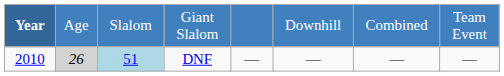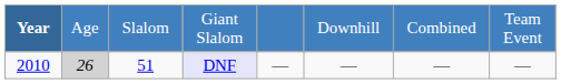 <table class="wikitable" style="font-size:95%; text-align:center; border:grey solid 1px; border-collapse:collapse;" width="40%">
 <tr style="background-color:#369; color:white;">
 <td rowspan="2" colspan="1" width="4%"><strong>Year</strong></td>
 </tr>
 <tr style="background-color:#4180be; color:white;">
 <td width="3%">Age</td>
 <td width="5%">Slalom</td>
 <td width="5%">Giant<br>Slalom</td>
 <td width="5%"></td>
 <td width="5%">Downhill</td>
 <td width="5%">Combined</td>
 <td width="5%">Team Event</td>
 </tr>
 <tr style="background-color:#8CB2D8; color:white;">
 </tr>
 <tr>
 <td><a href='#'>2010</a></td>
 <td style="background: lightgrey;"><em>26</em></td>
-<td style="background: lightblue;"><a href='#'>51</a></td>
-<td><a href='#'>DNF</a></td>
+<td><a href='#'>51</a></td>
+<td style="background: lavender;"><a href='#'>DNF</a></td>
 <td>—</td>
 <td>—</td>
 <td>—</td>
 <td>—</td>
 </tr>
 </table>
